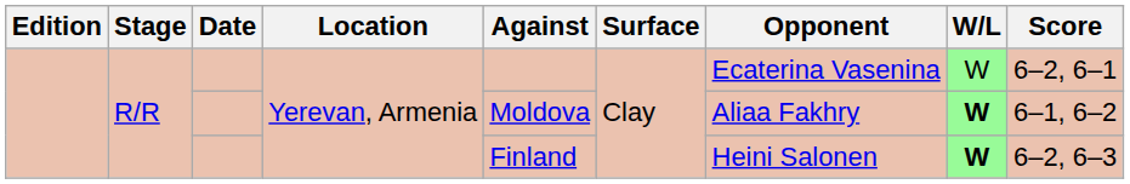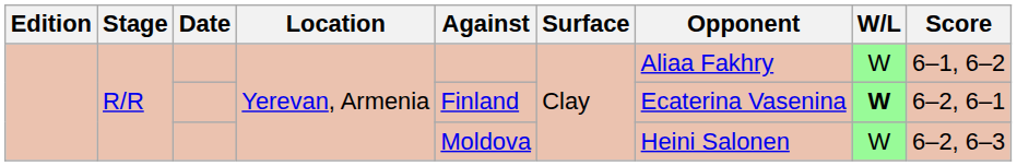 <table class=wikitable style=font-size:97%>
 <tr>
 <th>Edition</th>
 <th>Stage</th>
 <th>Date</th>
 <th>Location</th>
 <th>Against</th>
 <th>Surface</th>
 <th>Opponent</th>
 <th>W/L</th>
 <th>Score</th>
 </tr>
 <tr bgcolor="#EBC2AF">
 <td rowspan="3"></td>
 <td rowspan="3"><a href='#'>R/R</a></td>
 <td></td>
 <td rowspan="3"><a href='#'>Yerevan</a>, Armenia</td>
 <td> </td>
 <td rowspan="3">Clay</td>
+<td> <a href='#'>Aliaa Fakhry</a></td>
+<td style="text-align:center; background:#98fb98;">W</td>
+<td>6–1, 6–2</td>
+</tr>
+<tr bgcolor="#EBC2AF">
+<td></td>
+<td> <a href='#'>Finland</a></td>
 <td> <a href='#'>Ecaterina Vasenina</a></td>
-<td style="text-align:center; background:#98fb98;">W</td>
+<td style="text-align:center; background:#98fb98;"><strong>W</strong></td>
 <td>6–2, 6–1</td>
 </tr>
 <tr bgcolor="#EBC2AF">
 <td></td>
 <td> <a href='#'>Moldova</a></td>
-<td> <a href='#'>Aliaa Fakhry</a></td>
-<td style="text-align:center; background:#98fb98;"><strong>W</strong></td>
-<td>6–1, 6–2</td>
-</tr>
-<tr bgcolor="#EBC2AF">
-<td></td>
-<td> <a href='#'>Finland</a></td>
 <td> <a href='#'>Heini Salonen</a></td>
-<td style="text-align:center; background:#98fb98;"><strong>W</strong></td>
+<td style="text-align:center; background:#98fb98;">W</td>
 <td>6–2, 6–3</td>
 </tr>
 </table>
